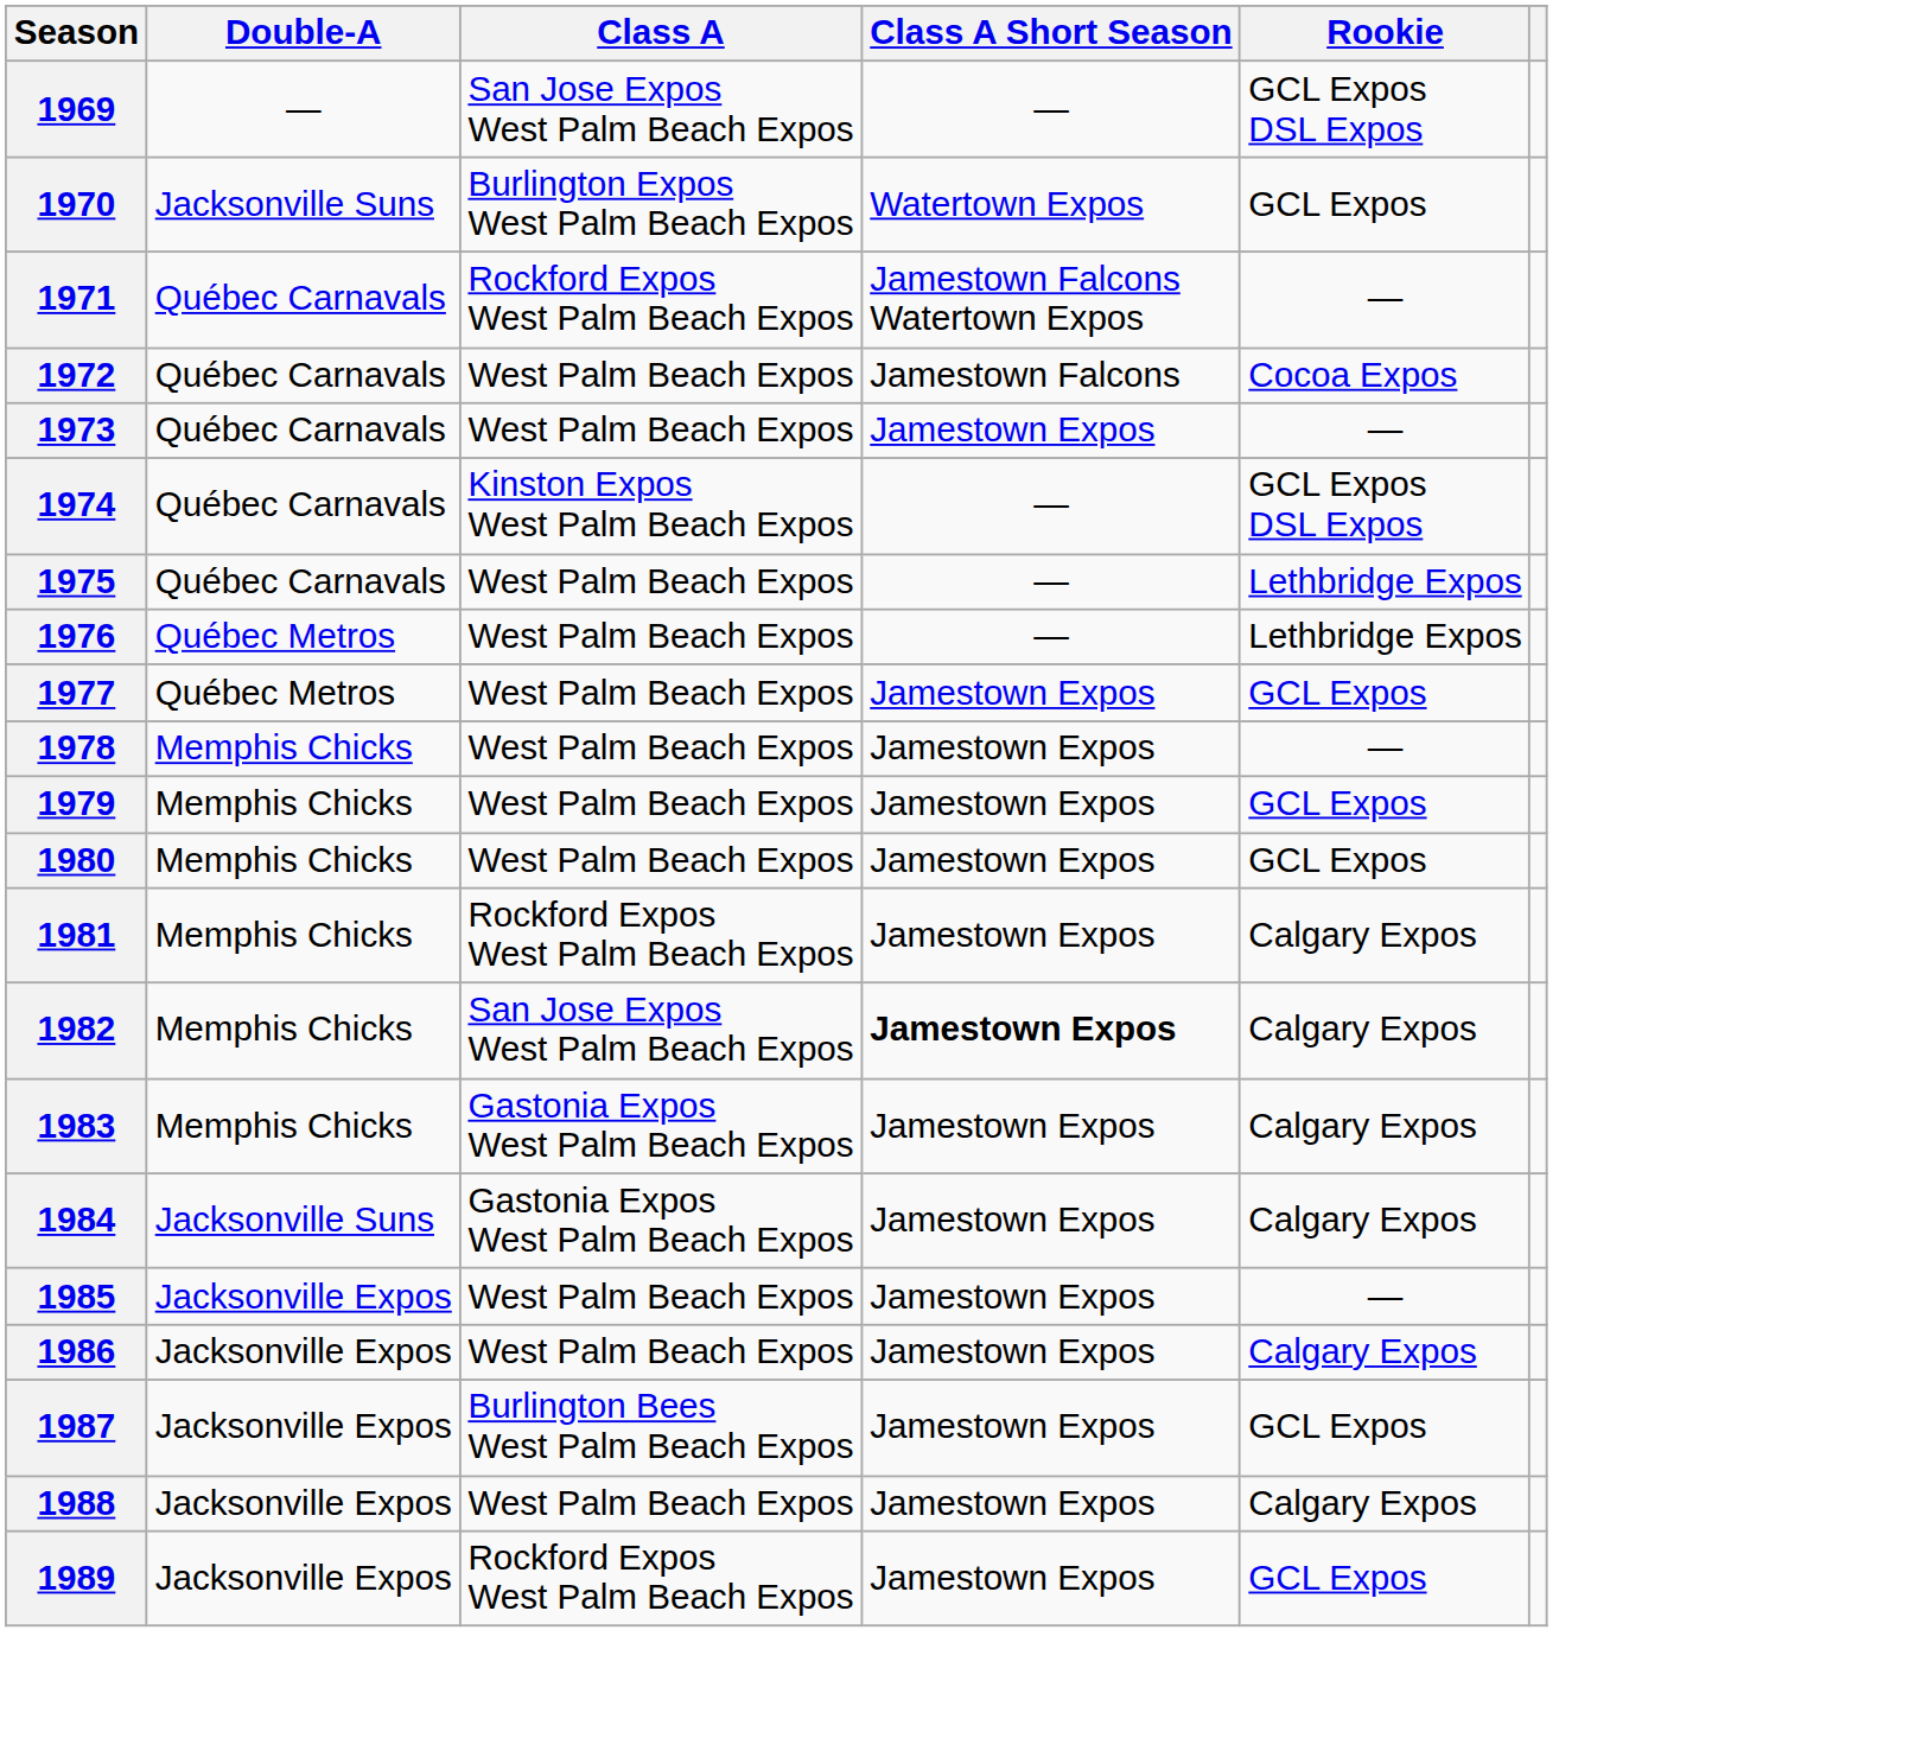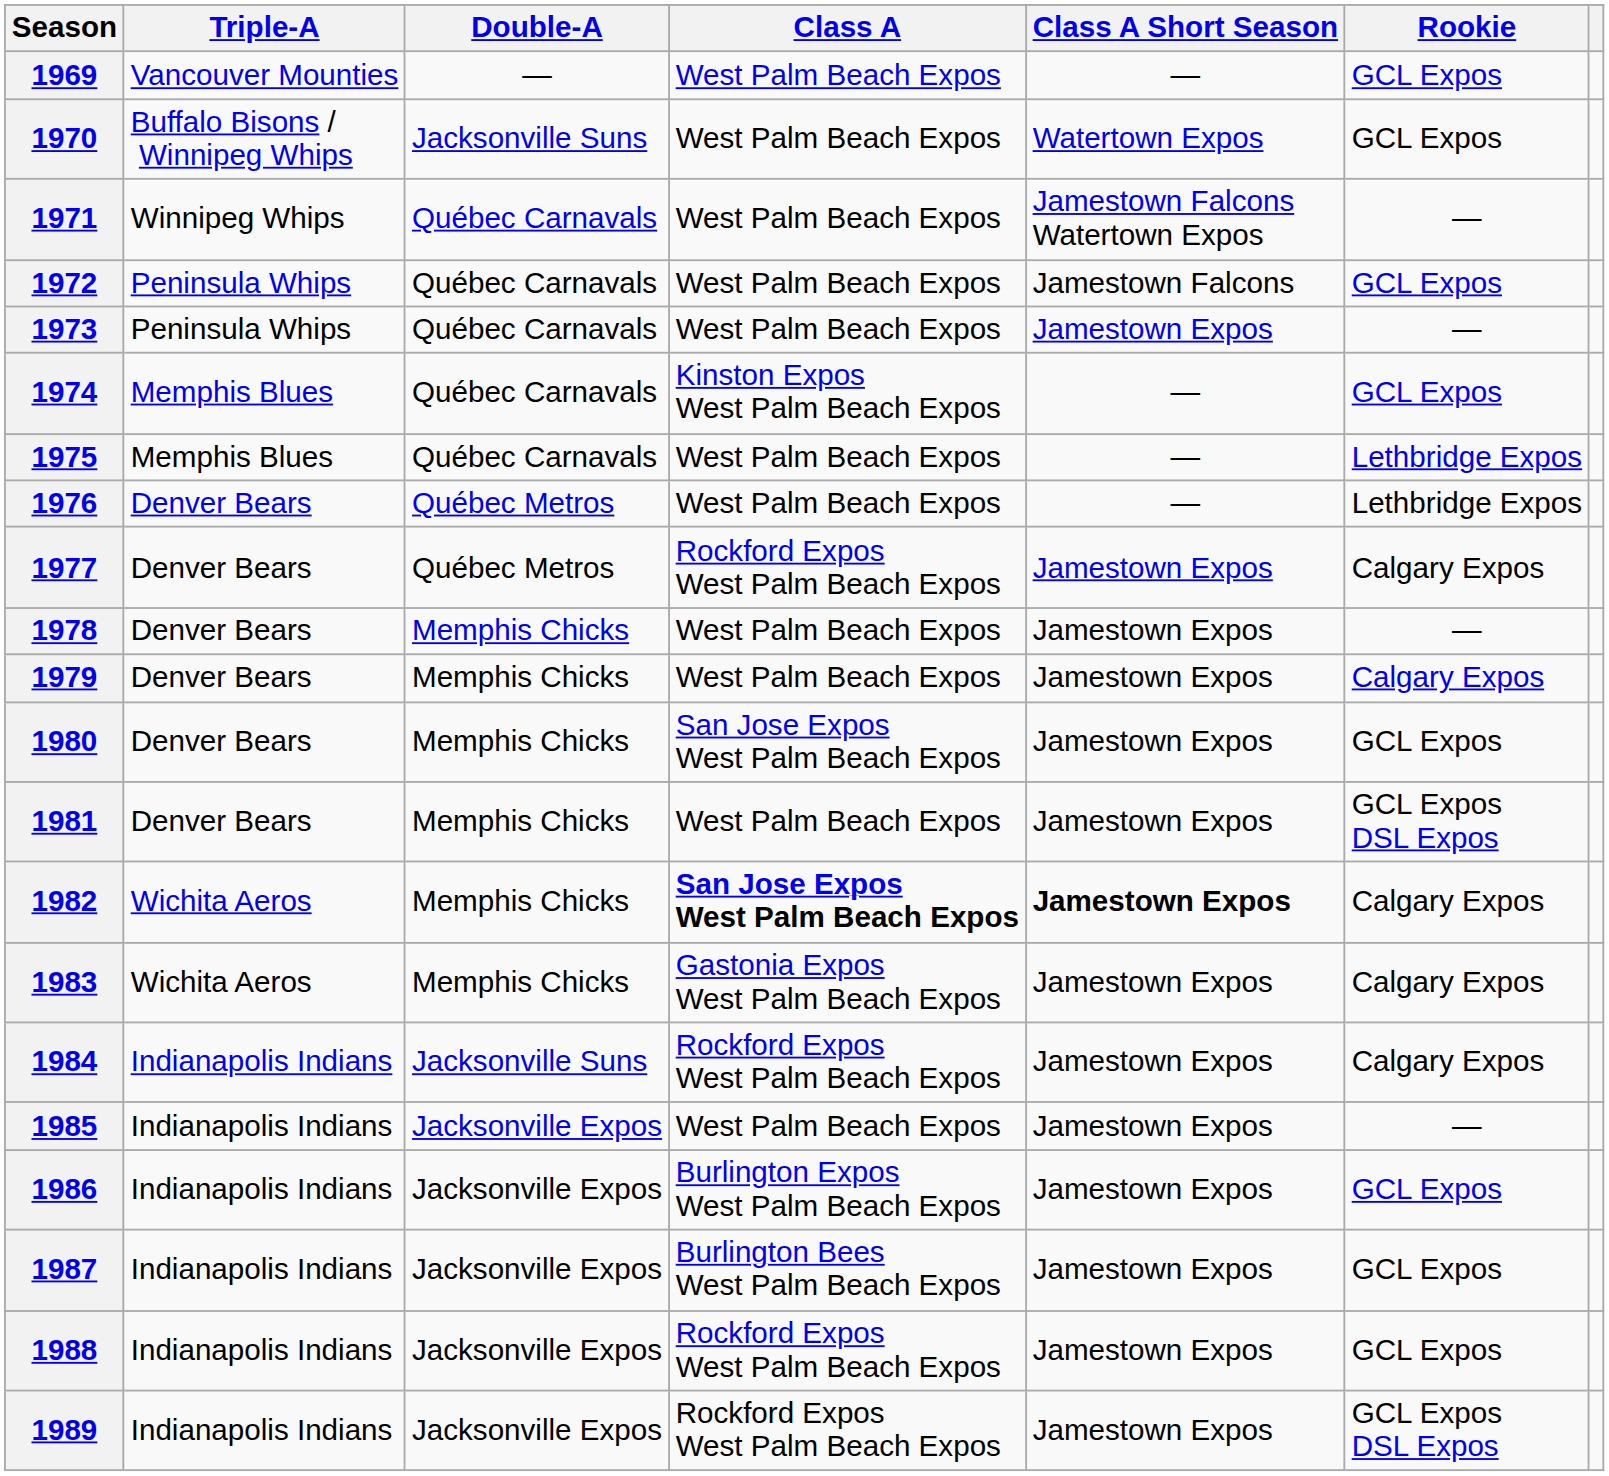 <table class="wikitable plainrowheaders">
 <tr>
 <th scope="col">Season</th>
+<th scope="col"><a href='#'><span>Triple-A</span></a></th>
 <th scope="col"><a href='#'><span>Double-A</span></a></th>
 <th scope="col"><a href='#'><span>Class A</span></a></th>
 <th scope="col"><a href='#'><span>Class A Short Season</span></a></th>
 <th scope="col"><a href='#'><span>Rookie</span></a></th>
 <th scope="col"></th>
 </tr>
 <tr>
 <th scope="row" style="text-align:center"><a href='#'>1969</a></th>
+<td><a href='#'>Vancouver Mounties</a></td>
 <td align="center">—</td>
-<td><a href='#'>San Jose Expos</a><br>West Palm Beach Expos</td>
+<td><a href='#'>West Palm Beach Expos</a></td>
 <td align="center">—</td>
-<td>GCL Expos<br><a href='#'>DSL Expos</a></td>
+<td><a href='#'>GCL Expos</a></td>
 <td align="center"></td>
 </tr>
 <tr>
 <th scope="row" style="text-align:center"><a href='#'>1970</a></th>
+<td><a href='#'>Buffalo Bisons</a> /<br> <a href='#'>Winnipeg Whips</a></td>
 <td><a href='#'>Jacksonville Suns</a></td>
-<td><a href='#'>Burlington Expos</a><br>West Palm Beach Expos</td>
+<td>West Palm Beach Expos</td>
 <td><a href='#'>Watertown Expos</a></td>
 <td>GCL Expos</td>
 <td align="center"></td>
 </tr>
 <tr>
 <th scope="row" style="text-align:center"><a href='#'>1971</a></th>
+<td>Winnipeg Whips</td>
 <td><a href='#'>Québec Carnavals</a></td>
-<td><a href='#'>Rockford Expos</a><br>West Palm Beach Expos</td>
+<td>West Palm Beach Expos</td>
 <td><a href='#'>Jamestown Falcons</a><br>Watertown Expos</td>
 <td align="center">—</td>
 <td align="center"></td>
 </tr>
 <tr>
 <th scope="row" style="text-align:center"><a href='#'>1972</a></th>
+<td><a href='#'>Peninsula Whips</a></td>
 <td>Québec Carnavals</td>
 <td>West Palm Beach Expos</td>
 <td>Jamestown Falcons</td>
-<td><a href='#'>Cocoa Expos</a></td>
+<td><a href='#'>GCL Expos</a></td>
 <td align="center"></td>
 </tr>
 <tr>
 <th scope="row" style="text-align:center"><a href='#'>1973</a></th>
+<td>Peninsula Whips</td>
 <td>Québec Carnavals</td>
 <td>West Palm Beach Expos</td>
 <td><a href='#'>Jamestown Expos</a></td>
 <td align="center">—</td>
 <td align="center"></td>
 </tr>
 <tr>
 <th scope="row" style="text-align:center"><a href='#'>1974</a></th>
+<td><a href='#'>Memphis Blues</a></td>
 <td>Québec Carnavals</td>
 <td><a href='#'>Kinston Expos</a><br>West Palm Beach Expos</td>
 <td align="center">—</td>
-<td>GCL Expos<br><a href='#'>DSL Expos</a></td>
+<td><a href='#'>GCL Expos</a></td>
 <td align="center"></td>
 </tr>
 <tr>
 <th scope="row" style="text-align:center"><a href='#'>1975</a></th>
+<td>Memphis Blues</td>
 <td>Québec Carnavals</td>
 <td>West Palm Beach Expos</td>
 <td align="center">—</td>
 <td><a href='#'>Lethbridge Expos</a></td>
 <td align="center"></td>
 </tr>
 <tr>
 <th scope="row" style="text-align:center"><a href='#'>1976</a></th>
+<td><a href='#'>Denver Bears</a></td>
 <td><a href='#'>Québec Metros</a></td>
 <td>West Palm Beach Expos</td>
 <td align="center">—</td>
 <td>Lethbridge Expos</td>
 <td align="center"></td>
 </tr>
 <tr>
 <th scope="row" style="text-align:center"><a href='#'>1977</a></th>
+<td>Denver Bears</td>
 <td>Québec Metros</td>
-<td>West Palm Beach Expos</td>
+<td><a href='#'>Rockford Expos</a><br>West Palm Beach Expos</td>
 <td><a href='#'>Jamestown Expos</a></td>
-<td><a href='#'>GCL Expos</a></td>
+<td>Calgary Expos</td>
 <td align="center"></td>
 </tr>
 <tr>
 <th scope="row" style="text-align:center"><a href='#'>1978</a></th>
+<td>Denver Bears</td>
 <td><a href='#'>Memphis Chicks</a></td>
 <td>West Palm Beach Expos</td>
 <td>Jamestown Expos</td>
 <td align="center">—</td>
 <td align="center"></td>
 </tr>
 <tr>
 <th scope="row" style="text-align:center"><a href='#'>1979</a></th>
+<td>Denver Bears</td>
 <td>Memphis Chicks</td>
 <td>West Palm Beach Expos</td>
 <td>Jamestown Expos</td>
-<td><a href='#'>GCL Expos</a></td>
+<td><a href='#'>Calgary Expos</a></td>
 <td align="center"></td>
 </tr>
 <tr>
 <th scope="row" style="text-align:center"><a href='#'>1980</a></th>
+<td>Denver Bears</td>
 <td>Memphis Chicks</td>
-<td>West Palm Beach Expos</td>
+<td><a href='#'>San Jose Expos</a><br>West Palm Beach Expos</td>
 <td>Jamestown Expos</td>
 <td>GCL Expos</td>
 <td align="center"></td>
 </tr>
 <tr>
 <th scope="row" style="text-align:center"><a href='#'>1981</a></th>
+<td>Denver Bears</td>
 <td>Memphis Chicks</td>
-<td>Rockford Expos<br>West Palm Beach Expos</td>
+<td>West Palm Beach Expos</td>
 <td>Jamestown Expos</td>
-<td>Calgary Expos</td>
+<td>GCL Expos<br><a href='#'>DSL Expos</a></td>
 <td align="center"></td>
 </tr>
 <tr>
 <th scope="row" style="text-align:center"><a href='#'>1982</a></th>
+<td><a href='#'>Wichita Aeros</a></td>
 <td>Memphis Chicks</td>
-<td><a href='#'>San Jose Expos</a><br>West Palm Beach Expos</td>
+<td><strong><a href='#'>San Jose Expos</a><br>West Palm Beach Expos</strong></td>
 <td><strong>Jamestown Expos</strong></td>
 <td>Calgary Expos</td>
 <td align="center"></td>
 </tr>
 <tr>
 <th scope="row" style="text-align:center"><a href='#'>1983</a></th>
+<td>Wichita Aeros</td>
 <td>Memphis Chicks</td>
 <td><a href='#'>Gastonia Expos</a><br>West Palm Beach Expos</td>
 <td>Jamestown Expos</td>
 <td>Calgary Expos</td>
 <td align="center"></td>
 </tr>
 <tr>
 <th scope="row" style="text-align:center"><a href='#'>1984</a></th>
+<td><a href='#'>Indianapolis Indians</a></td>
 <td><a href='#'>Jacksonville Suns</a></td>
-<td>Gastonia Expos<br>West Palm Beach Expos</td>
+<td><a href='#'>Rockford Expos</a><br>West Palm Beach Expos</td>
 <td>Jamestown Expos</td>
 <td>Calgary Expos</td>
 <td align="center"></td>
 </tr>
 <tr>
 <th scope="row" style="text-align:center"><a href='#'>1985</a></th>
+<td>Indianapolis Indians</td>
 <td><a href='#'>Jacksonville Expos</a></td>
 <td>West Palm Beach Expos</td>
 <td>Jamestown Expos</td>
 <td align="center">—</td>
 <td align="center"></td>
 </tr>
 <tr>
 <th scope="row" style="text-align:center"><a href='#'>1986</a></th>
+<td>Indianapolis Indians</td>
 <td>Jacksonville Expos</td>
-<td>West Palm Beach Expos</td>
+<td><a href='#'>Burlington Expos</a><br>West Palm Beach Expos</td>
 <td>Jamestown Expos</td>
-<td><a href='#'>Calgary Expos</a></td>
+<td><a href='#'>GCL Expos</a></td>
 <td align="center"></td>
 </tr>
 <tr>
 <th scope="row" style="text-align:center"><a href='#'>1987</a></th>
+<td>Indianapolis Indians</td>
 <td>Jacksonville Expos</td>
 <td><a href='#'>Burlington Bees</a><br>West Palm Beach Expos</td>
 <td>Jamestown Expos</td>
 <td>GCL Expos</td>
 <td align="center"></td>
 </tr>
 <tr>
 <th scope="row" style="text-align:center"><a href='#'>1988</a></th>
+<td>Indianapolis Indians</td>
 <td>Jacksonville Expos</td>
-<td>West Palm Beach Expos</td>
+<td><a href='#'>Rockford Expos</a><br>West Palm Beach Expos</td>
 <td>Jamestown Expos</td>
-<td>Calgary Expos</td>
+<td>GCL Expos</td>
 <td align="center"></td>
 </tr>
 <tr>
 <th scope="row" style="text-align:center"><a href='#'>1989</a></th>
+<td>Indianapolis Indians</td>
 <td>Jacksonville Expos</td>
 <td>Rockford Expos<br>West Palm Beach Expos</td>
 <td>Jamestown Expos</td>
-<td><a href='#'>GCL Expos</a></td>
+<td>GCL Expos<br><a href='#'>DSL Expos</a></td>
 <td align="center"></td>
 </tr>
 </table>
